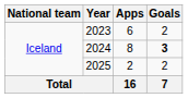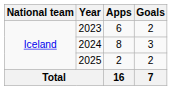 <table class="wikitable" style="text-align:center">
 <tr>
 <th>National team</th>
 <th>Year</th>
 <th>Apps</th>
 <th>Goals</th>
 </tr>
 <tr>
 <td rowspan="3"><a href='#'>Iceland</a></td>
 <td>2023</td>
 <td>6</td>
 <td>2</td>
 </tr>
 <tr>
 <td>2024</td>
 <td>8</td>
-<td><strong>3</strong></td>
+<td>3</td>
 </tr>
 <tr>
 <td>2025</td>
 <td>2</td>
 <td>2</td>
 </tr>
 <tr>
 <th colspan="2">Total</th>
 <th>16</th>
 <th>7</th>
 </tr>
 </table>
